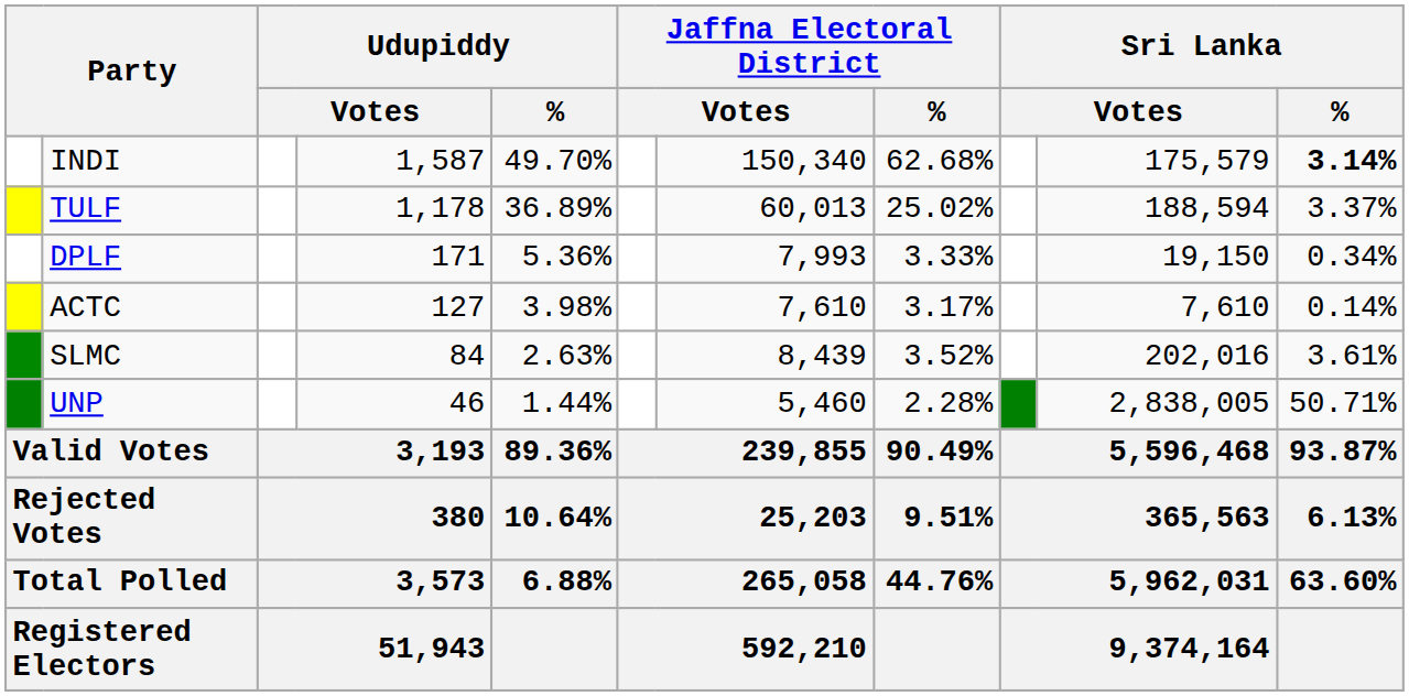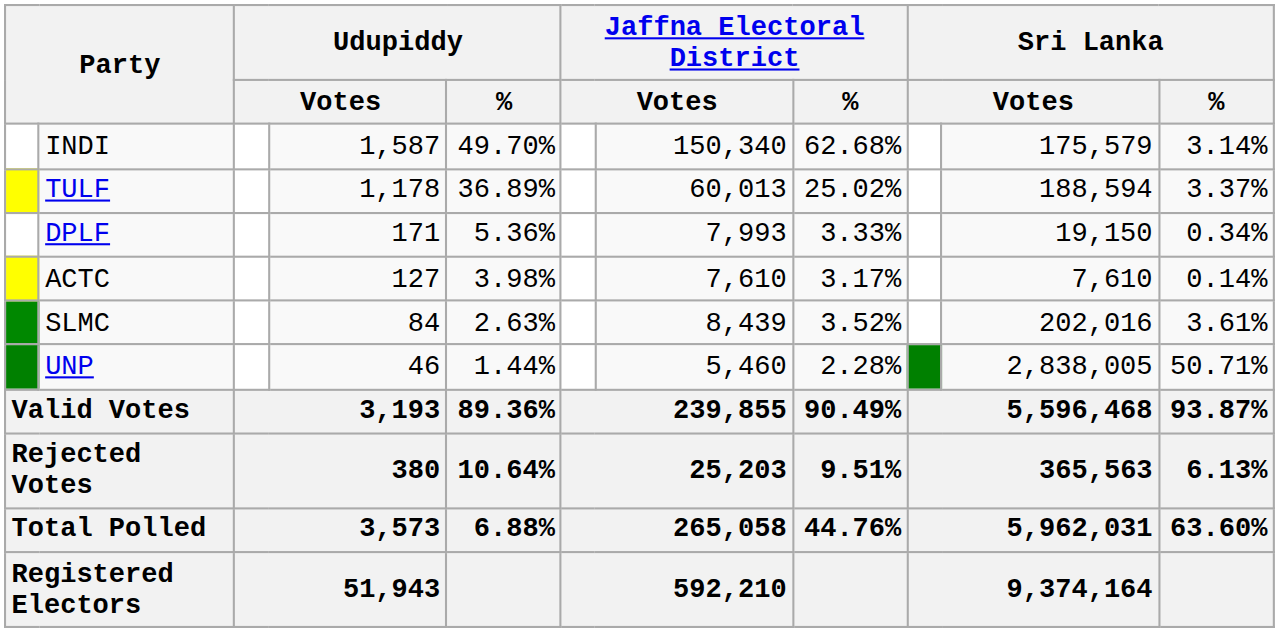 <table class="wikitable">
 <tr>
 <th colspan="2" width="144px"rowspan="2">Party</th>
 <th colspan="3" width="216px">Udupiddy</th>
 <th colspan="3" width="216px"><a href='#'>Jaffna Electoral District</a></th>
 <th colspan="3" width="216px">Sri Lanka</th>
 </tr>
 <tr>
 <th colspan="2" width="144px">Votes</th>
 <th>%</th>
 <th colspan="2" width="144px">Votes</th>
 <th>%</th>
 <th colspan="2" width="144px">Votes</th>
 <th>%</th>
 </tr>
 <tr>
 <td style="background-color:white;" width="10px"></td>
 <td style="text-align:left;">INDI</td>
 <td style="background-color:white;" width="10px"></td>
 <td style="text-align:right;">1,587</td>
 <td style="text-align:right;">49.70%</td>
 <td style="background-color:white;" width="10px"></td>
 <td style="text-align:right;">150,340</td>
 <td style="text-align:right;">62.68%</td>
 <td style="background-color:white;" width="10px"></td>
 <td style="text-align:right;">175,579</td>
-<td style="text-align:right;"><strong>3.14%</strong></td>
+<td style="text-align:right;">3.14%</td>
 </tr>
 <tr>
 <td style="background-color:yellow;" width="10px"></td>
 <td style="text-align:left;"><a href='#'>TULF</a></td>
 <td style="background-color:white;" width="10px"></td>
 <td style="text-align:right;">1,178</td>
 <td style="text-align:right;">36.89%</td>
 <td style="background-color:white;" width="10px"></td>
 <td style="text-align:right;">60,013</td>
 <td style="text-align:right;">25.02%</td>
 <td style="background-color:white;" width="10px"></td>
 <td style="text-align:right;">188,594</td>
 <td style="text-align:right;">3.37%</td>
 </tr>
 <tr>
 <td style="background-color:white;" width="10px"></td>
 <td style="text-align:left;"><a href='#'>DPLF</a></td>
 <td style="background-color:white;" width="10px"></td>
 <td style="text-align:right;">171</td>
 <td style="text-align:right;">5.36%</td>
 <td style="background-color:white;" width="10px"></td>
 <td style="text-align:right;">7,993</td>
 <td style="text-align:right;">3.33%</td>
 <td style="background-color:white;" width="10px"></td>
 <td style="text-align:right;">19,150</td>
 <td style="text-align:right;">0.34%</td>
 </tr>
 <tr>
 <td style="background-color:yellow;" width="10px"></td>
 <td style="text-align:left;">ACTC</td>
 <td style="background-color:white;" width="10px"></td>
 <td style="text-align:right;">127</td>
 <td style="text-align:right;">3.98%</td>
 <td style="background-color:white;" width="10px"></td>
 <td style="text-align:right;">7,610</td>
 <td style="text-align:right;">3.17%</td>
 <td style="background-color:white;" width="10px"></td>
 <td style="text-align:right;">7,610</td>
 <td style="text-align:right;">0.14%</td>
 </tr>
 <tr>
 <td style="background-color:#008800;" width="10px"></td>
 <td style="text-align:left;">SLMC</td>
 <td style="background-color:white;" width="10px"></td>
 <td style="text-align:right;">84</td>
 <td style="text-align:right;">2.63%</td>
 <td style="background-color:white;" width="10px"></td>
 <td style="text-align:right;">8,439</td>
 <td style="text-align:right;">3.52%</td>
 <td style="background-color:white;" width="10px"></td>
 <td style="text-align:right;">202,016</td>
 <td style="text-align:right;">3.61%</td>
 </tr>
 <tr>
 <td style="background-color:green;" width="10px"></td>
 <td style="text-align:left;"><a href='#'>UNP</a></td>
 <td style="background-color:white;" width="10px"></td>
 <td style="text-align:right;">46</td>
 <td style="text-align:right;">1.44%</td>
 <td style="background-color:white;" width="10px"></td>
 <td style="text-align:right;">5,460</td>
 <td style="text-align:right;">2.28%</td>
 <td style="background-color:green;" width="10px"></td>
 <td style="text-align:right;">2,838,005</td>
 <td style="text-align:right;">50.71%</td>
 </tr>
 <tr>
 <th colspan="2" width="144px"style="text-align:left;">Valid Votes</th>
 <th style="text-align:right;"colspan="2" width="144px">3,193</th>
 <th style="text-align:right;">89.36%</th>
 <th style="text-align:right;"colspan="2" width="144px">239,855</th>
 <th style="text-align:right;">90.49%</th>
 <th style="text-align:right;"colspan="2" width="144px">5,596,468</th>
 <th style="text-align:right;">93.87%</th>
 </tr>
 <tr>
 <th colspan="2" width="144px"style="text-align:left;">Rejected Votes</th>
 <th style="text-align:right;"colspan="2" width="144px">380</th>
 <th style="text-align:right;">10.64%</th>
 <th style="text-align:right;"colspan="2" width="144px">25,203</th>
 <th style="text-align:right;">9.51%</th>
 <th style="text-align:right;"colspan="2" width="144px">365,563</th>
 <th style="text-align:right;">6.13%</th>
 </tr>
 <tr>
 <th colspan="2" width="144px"style="text-align:left;">Total Polled</th>
 <th style="text-align:right;"colspan="2" width="144px">3,573</th>
 <th style="text-align:right;">6.88%</th>
 <th style="text-align:right;"colspan="2" width="144px">265,058</th>
 <th style="text-align:right;">44.76%</th>
 <th style="text-align:right;"colspan="2" width="144px">5,962,031</th>
 <th style="text-align:right;">63.60%</th>
 </tr>
 <tr>
 <th colspan="2" width="144px"style="text-align:left;">Registered Electors</th>
 <th style="text-align:right;"colspan="2" width="144px">51,943</th>
 <th></th>
 <th style="text-align:right;"colspan="2" width="144px">592,210</th>
 <th></th>
 <th style="text-align:right;"colspan="2" width="144px">9,374,164</th>
 <th></th>
 </tr>
 </table>
